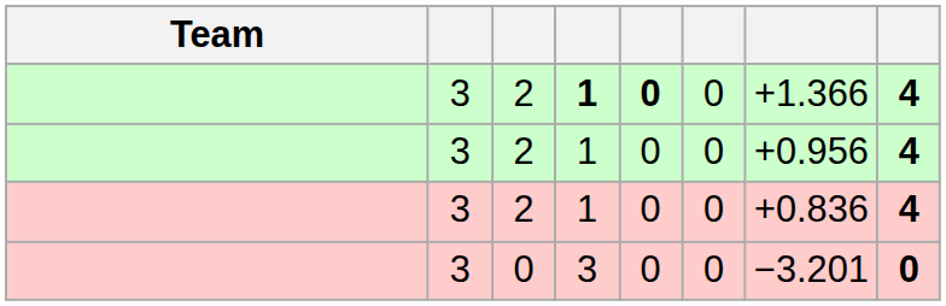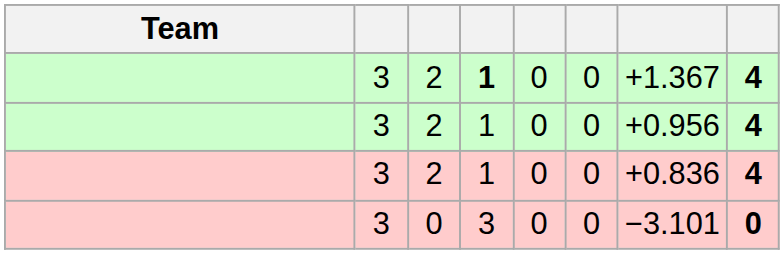 <table class="wikitable" style="text-align:center">
 <tr style="tittlebackground:lightblue;">
 <th style="width:175px;">Team</th>
 <th style="width:20px;"></th>
 <th style="width:20px;"></th>
 <th style="width:20px;"></th>
 <th style="width:20px;"></th>
 <th style="width:20px;"></th>
 <th style="width:45px;"></th>
 <th style="width:20px;"></th>
 </tr>
 <tr style="background:#cfc;">
 <td style="text-align:left"></td>
 <td>3</td>
 <td>2</td>
 <td><strong>1</strong></td>
-<td><strong>0</strong></td>
 <td>0</td>
-<td>+1.366</td>
+<td>0</td>
+<td>+1.367</td>
 <td><strong>4</strong></td>
 </tr>
 <tr style="background:#cfc;">
 <td style="text-align:left"></td>
 <td>3</td>
 <td>2</td>
 <td>1</td>
 <td>0</td>
 <td>0</td>
 <td>+0.956</td>
 <td><strong>4</strong></td>
 </tr>
 <tr style="background:#fcc;">
 <td style="text-align:left"></td>
 <td>3</td>
 <td>2</td>
 <td>1</td>
 <td>0</td>
 <td>0</td>
 <td>+0.836</td>
 <td><strong>4</strong></td>
 </tr>
 <tr style="background:#fcc;">
 <td style="text-align:left"></td>
 <td>3</td>
 <td>0</td>
 <td>3</td>
 <td>0</td>
 <td>0</td>
-<td>−3.201</td>
+<td>−3.101</td>
 <td><strong>0</strong></td>
 </tr>
 </table>
